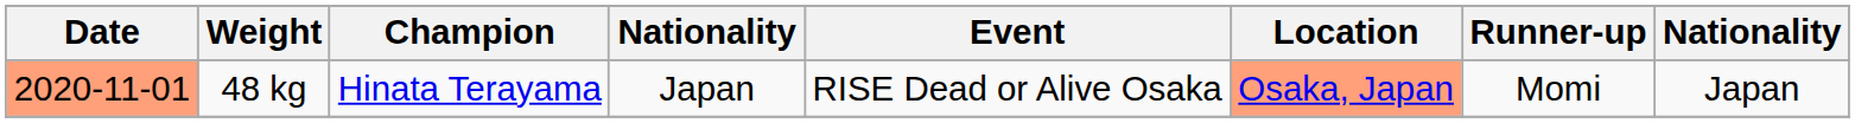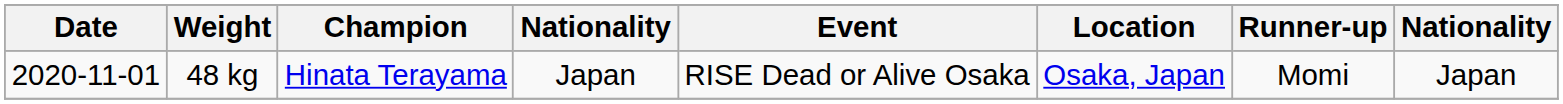 <table class="wikitable" style="text-align:center">
 <tr>
 </tr>
 <tr bgcolor="#dddddd">
 <th>Date</th>
 <th>Weight</th>
 <th>Champion</th>
 <th>Nationality</th>
 <th>Event</th>
 <th>Location</th>
 <th>Runner-up</th>
 <th>Nationality</th>
 </tr>
 <tr>
-<td style="background: lightsalmon;">2020-11-01</td>
+<td>2020-11-01</td>
 <td>48 kg</td>
 <td><a href='#'>Hinata Terayama</a></td>
 <td> Japan</td>
 <td>RISE Dead or Alive Osaka</td>
-<td style="background: lightsalmon;"><a href='#'>Osaka, Japan</a></td>
+<td><a href='#'>Osaka, Japan</a></td>
 <td>Momi</td>
 <td> Japan</td>
 </tr>
 <tr>
 </tr>
 </table>
